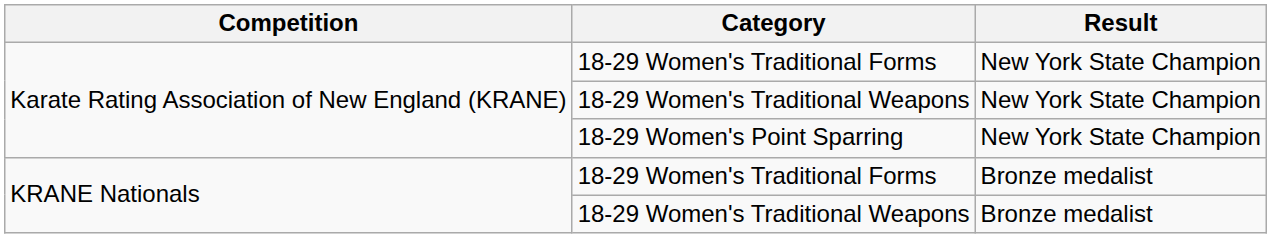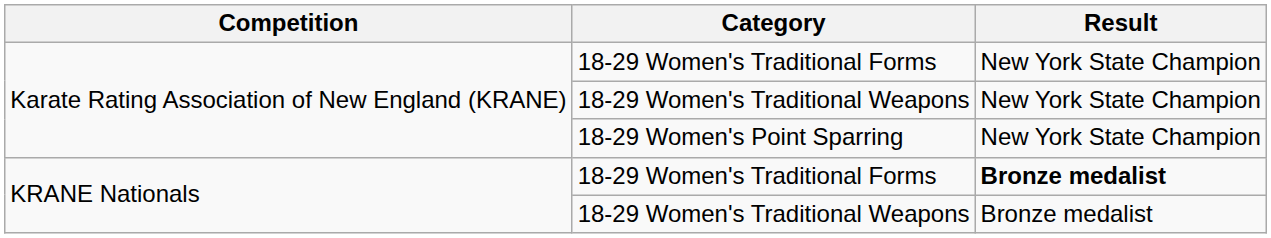 <table class="wikitable sortable">
 <tr>
 <th>Competition</th>
 <th>Category</th>
 <th>Result</th>
 </tr>
 <tr>
 <td rowspan="3">Karate Rating Association of New England (KRANE)</td>
 <td>18-29  Women's Traditional Forms</td>
 <td>New York State Champion</td>
 </tr>
 <tr>
 <td>18-29 Women's Traditional Weapons</td>
 <td>New York State Champion</td>
 </tr>
 <tr>
 <td>18-29 Women's Point Sparring</td>
 <td>New York State Champion</td>
 </tr>
 <tr>
 <td rowspan="2">KRANE Nationals</td>
 <td>18-29 Women's Traditional Forms</td>
-<td>Bronze medalist</td>
+<td><strong>Bronze medalist</strong></td>
 </tr>
 <tr>
 <td>18-29 Women's Traditional Weapons</td>
 <td>Bronze medalist</td>
 </tr>
 </table>
